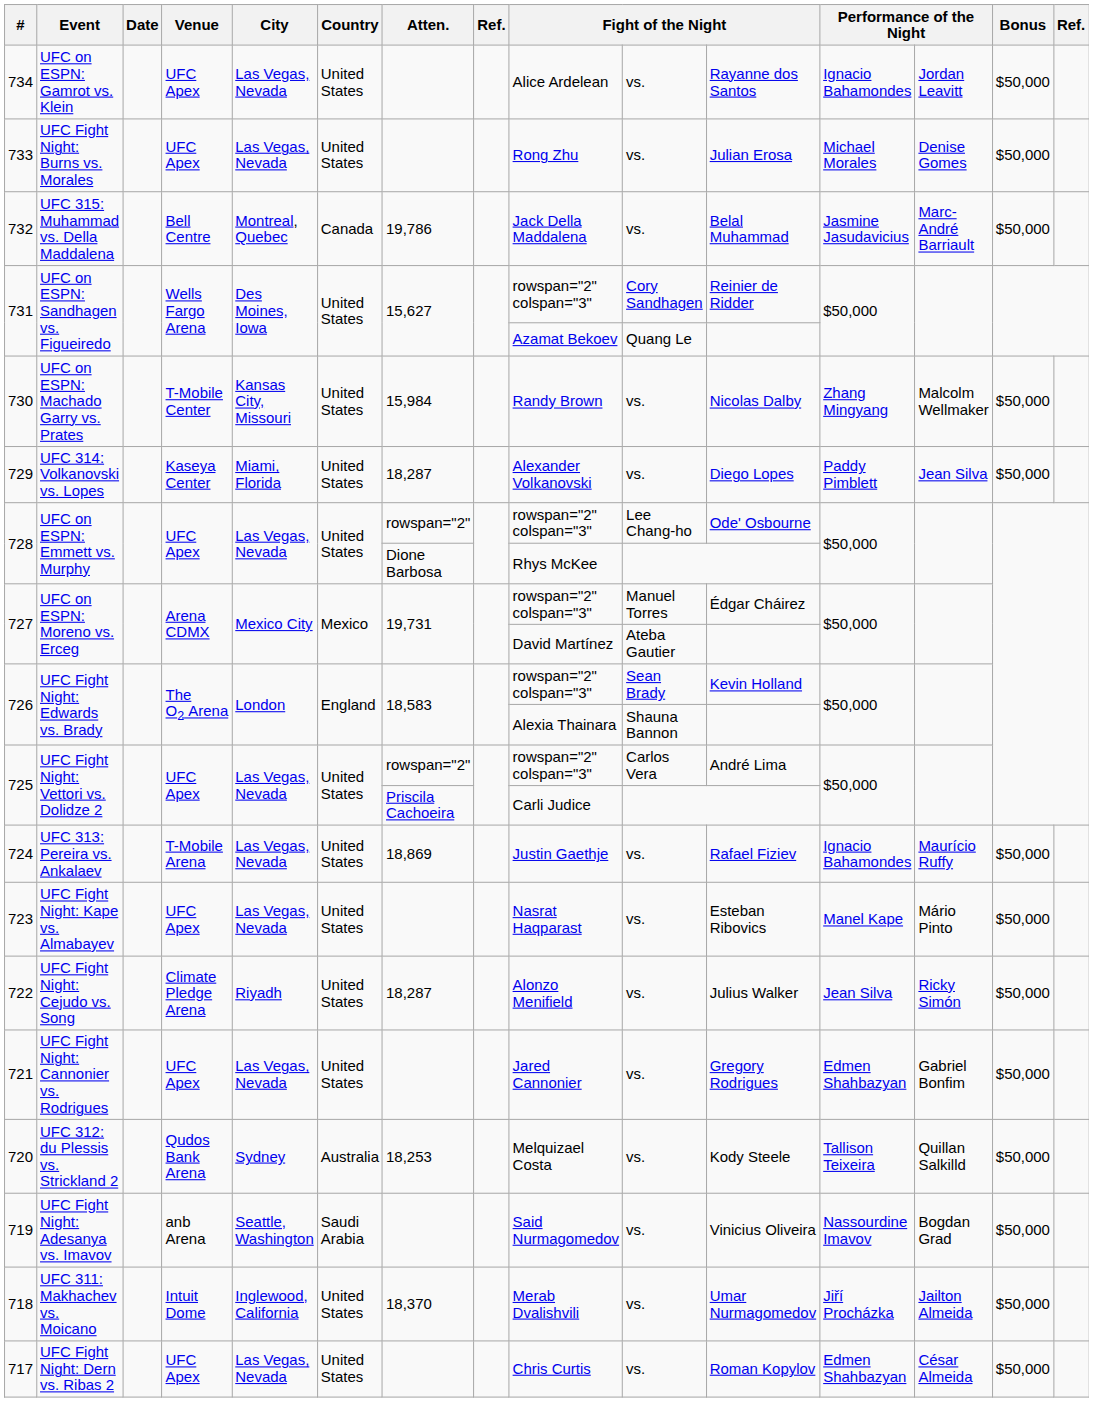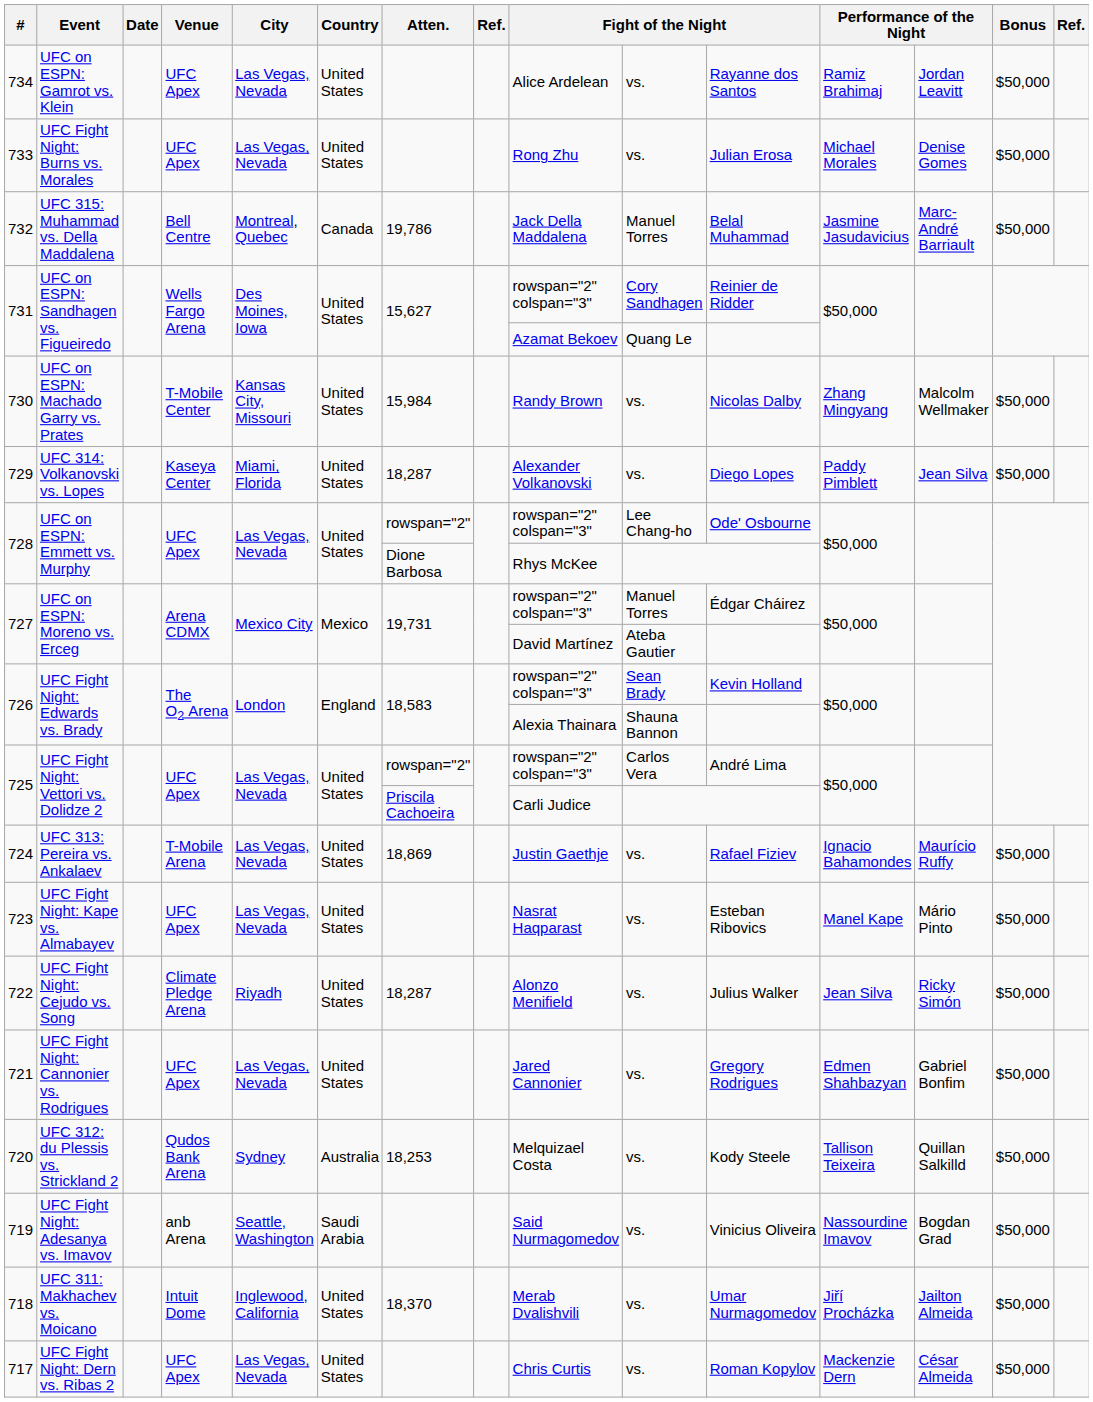 <table class="sortable wikitable succession-box" style="font-size:90%;">
 <tr>
 <th scope="col">#</th>
 <th scope="col">Event</th>
 <th scope="col">Date</th>
 <th scope="col">Venue</th>
 <th scope="col">City</th>
 <th scope="col">Country</th>
 <th scope="col">Atten.</th>
 <th scope="col">Ref.</th>
 <th colspan="3">Fight of the Night</th>
 <th colspan="2">Performance of the Night</th>
 <th scope="col">Bonus</th>
 <th scope="col">Ref.</th>
 </tr>
 <tr>
 <td>734</td>
 <td><a href='#'>UFC on ESPN: Gamrot vs. Klein</a></td>
 <td></td>
 <td><a href='#'>UFC Apex</a></td>
 <td><a href='#'>Las Vegas, Nevada</a></td>
 <td>United States</td>
 <td></td>
 <td></td>
 <td>Alice Ardelean</td>
 <td>vs.</td>
 <td><a href='#'>Rayanne dos Santos</a></td>
-<td><a href='#'>Ignacio Bahamondes</a></td>
+<td><a href='#'>Ramiz Brahimaj</a></td>
 <td><a href='#'>Jordan Leavitt</a></td>
 <td>$50,000</td>
 <td></td>
 </tr>
 <tr>
 <td>733</td>
 <td><a href='#'>UFC Fight Night: Burns vs. Morales</a></td>
 <td></td>
 <td><a href='#'>UFC Apex</a></td>
 <td><a href='#'>Las Vegas, Nevada</a></td>
 <td>United States</td>
 <td></td>
 <td></td>
 <td><a href='#'>Rong Zhu</a></td>
 <td>vs.</td>
 <td><a href='#'>Julian Erosa</a></td>
 <td><a href='#'>Michael Morales</a></td>
 <td><a href='#'>Denise Gomes</a></td>
 <td>$50,000</td>
 <td></td>
 </tr>
 <tr>
 <td>732</td>
 <td><a href='#'>UFC 315: Muhammad vs. Della Maddalena</a></td>
 <td></td>
 <td><a href='#'>Bell Centre</a></td>
 <td><a href='#'>Montreal</a>, <a href='#'>Quebec</a></td>
 <td>Canada</td>
 <td>19,786</td>
 <td></td>
 <td><a href='#'>Jack Della Maddalena</a></td>
-<td>vs.</td>
+<td>Manuel Torres</td>
 <td><a href='#'>Belal Muhammad</a></td>
 <td><a href='#'>Jasmine Jasudavicius</a></td>
 <td><a href='#'>Marc-André Barriault</a></td>
 <td>$50,000</td>
 <td></td>
 </tr>
 <tr>
 <td rowspan="2">731</td>
 <td rowspan="2"><a href='#'>UFC on ESPN: Sandhagen vs. Figueiredo</a></td>
 <td rowspan="2"></td>
 <td rowspan="2"><a href='#'>Wells Fargo Arena</a></td>
 <td rowspan="2"><a href='#'>Des Moines, Iowa</a></td>
 <td rowspan="2">United States</td>
 <td rowspan="2">15,627</td>
 <td rowspan="2"></td>
 <td>rowspan="2" colspan="3" </td>
 <td><a href='#'>Cory Sandhagen</a></td>
 <td><a href='#'>Reinier de Ridder</a></td>
 <td rowspan="2">$50,000</td>
 <td rowspan="2"></td>
 </tr>
 <tr>
 <td><a href='#'>Azamat Bekoev</a></td>
 <td>Quang Le</td>
 </tr>
 <tr>
 <td>730</td>
 <td><a href='#'>UFC on ESPN: Machado Garry vs. Prates</a></td>
 <td></td>
 <td><a href='#'>T-Mobile Center</a></td>
 <td><a href='#'>Kansas City, Missouri</a></td>
 <td>United States</td>
 <td>15,984</td>
 <td></td>
 <td><a href='#'>Randy Brown</a></td>
 <td>vs.</td>
 <td><a href='#'>Nicolas Dalby</a></td>
 <td><a href='#'>Zhang Mingyang</a></td>
 <td>Malcolm Wellmaker</td>
 <td>$50,000</td>
 <td></td>
 </tr>
 <tr>
 <td>729</td>
 <td><a href='#'>UFC 314: Volkanovski vs. Lopes</a></td>
 <td></td>
 <td><a href='#'>Kaseya Center</a></td>
 <td><a href='#'>Miami, Florida</a></td>
 <td>United States</td>
 <td>18,287</td>
 <td></td>
 <td><a href='#'>Alexander Volkanovski</a></td>
 <td>vs.</td>
 <td><a href='#'>Diego Lopes</a></td>
 <td><a href='#'>Paddy Pimblett</a></td>
 <td><a href='#'>Jean Silva</a></td>
 <td>$50,000</td>
 <td></td>
 </tr>
 <tr>
 <td rowspan="2">728</td>
 <td rowspan="2"><a href='#'>UFC on ESPN: Emmett vs. Murphy</a></td>
 <td rowspan="2"></td>
 <td rowspan="2"><a href='#'>UFC Apex</a></td>
 <td rowspan="2"><a href='#'>Las Vegas, Nevada</a></td>
 <td rowspan="2">United States</td>
 <td>rowspan="2" </td>
 <td rowspan="2"></td>
 <td>rowspan="2" colspan="3" </td>
 <td>Lee Chang-ho</td>
 <td><a href='#'>Ode' Osbourne</a></td>
 <td rowspan="2">$50,000</td>
 <td rowspan="2"></td>
 </tr>
 <tr>
 <td>Dione Barbosa</td>
 <td>Rhys McKee</td>
 </tr>
 <tr>
 <td rowspan="2">727</td>
 <td rowspan="2"><a href='#'>UFC on ESPN: Moreno vs. Erceg</a></td>
 <td rowspan="2"></td>
 <td rowspan="2"><a href='#'>Arena CDMX</a></td>
 <td rowspan="2"><a href='#'>Mexico City</a></td>
 <td rowspan="2">Mexico</td>
 <td rowspan="2">19,731</td>
 <td rowspan="2"></td>
 <td>rowspan="2" colspan="3" </td>
 <td>Manuel Torres</td>
 <td>Édgar Cháirez</td>
 <td rowspan="2">$50,000</td>
 <td rowspan="2"></td>
 </tr>
 <tr>
 <td>David Martínez</td>
 <td>Ateba Gautier</td>
 </tr>
 <tr>
 <td rowspan="2">726</td>
 <td rowspan="2"><a href='#'>UFC Fight Night: Edwards vs. Brady</a></td>
 <td rowspan="2"></td>
 <td rowspan="2"><a href='#'>The O<sub>2</sub> Arena</a></td>
 <td rowspan="2"><a href='#'>London</a></td>
 <td rowspan="2">England</td>
 <td rowspan="2">18,583</td>
 <td rowspan="2"></td>
 <td>rowspan="2" colspan="3" </td>
 <td><a href='#'>Sean Brady</a></td>
 <td><a href='#'>Kevin Holland</a></td>
 <td rowspan="2">$50,000</td>
 <td rowspan="2"></td>
 </tr>
 <tr>
 <td>Alexia Thainara</td>
 <td>Shauna Bannon</td>
 </tr>
 <tr>
 <td rowspan="2">725</td>
 <td rowspan="2"><a href='#'>UFC Fight Night: Vettori vs. Dolidze 2</a></td>
 <td rowspan="2"></td>
 <td rowspan="2"><a href='#'>UFC Apex</a></td>
 <td rowspan="2"><a href='#'>Las Vegas, Nevada</a></td>
 <td rowspan="2">United States</td>
 <td>rowspan="2" </td>
 <td rowspan="2"></td>
 <td>rowspan="2" colspan="3" </td>
 <td>Carlos Vera</td>
 <td>André Lima</td>
 <td rowspan="2">$50,000</td>
 <td rowspan="2"></td>
 </tr>
 <tr>
 <td><a href='#'>Priscila Cachoeira</a></td>
 <td>Carli Judice</td>
 </tr>
 <tr>
 <td>724</td>
 <td><a href='#'>UFC 313: Pereira vs. Ankalaev</a></td>
 <td></td>
 <td><a href='#'>T-Mobile Arena</a></td>
 <td><a href='#'>Las Vegas, Nevada</a></td>
 <td>United States</td>
 <td>18,869</td>
 <td></td>
 <td><a href='#'>Justin Gaethje</a></td>
 <td>vs.</td>
 <td><a href='#'>Rafael Fiziev</a></td>
 <td><a href='#'>Ignacio Bahamondes</a></td>
 <td><a href='#'>Maurício Ruffy</a></td>
 <td>$50,000</td>
 <td></td>
 </tr>
 <tr>
 <td>723</td>
 <td><a href='#'>UFC Fight Night: Kape vs. Almabayev</a></td>
 <td></td>
 <td><a href='#'>UFC Apex</a></td>
 <td><a href='#'>Las Vegas, Nevada</a></td>
 <td>United States</td>
 <td></td>
 <td></td>
 <td><a href='#'>Nasrat Haqparast</a></td>
 <td>vs.</td>
 <td>Esteban Ribovics</td>
 <td><a href='#'>Manel Kape</a></td>
 <td>Mário Pinto</td>
 <td>$50,000</td>
 <td></td>
 </tr>
 <tr>
 <td>722</td>
 <td><a href='#'>UFC Fight Night: Cejudo vs. Song</a></td>
 <td></td>
 <td><a href='#'>Climate Pledge Arena</a></td>
 <td><a href='#'>Riyadh</a></td>
 <td>United States</td>
 <td>18,287</td>
 <td></td>
 <td><a href='#'>Alonzo Menifield</a></td>
 <td>vs.</td>
 <td>Julius Walker</td>
 <td><a href='#'>Jean Silva</a></td>
 <td><a href='#'>Ricky Simón</a></td>
 <td>$50,000</td>
 <td></td>
 </tr>
 <tr>
 <td>721</td>
 <td><a href='#'>UFC Fight Night: Cannonier vs. Rodrigues</a></td>
 <td></td>
 <td><a href='#'>UFC Apex</a></td>
 <td><a href='#'>Las Vegas, Nevada</a></td>
 <td>United States</td>
 <td></td>
 <td></td>
 <td><a href='#'>Jared Cannonier</a></td>
 <td>vs.</td>
 <td><a href='#'>Gregory Rodrigues</a></td>
 <td><a href='#'>Edmen Shahbazyan</a></td>
 <td>Gabriel Bonfim</td>
 <td>$50,000</td>
 <td></td>
 </tr>
 <tr>
 <td>720</td>
 <td><a href='#'>UFC 312: du Plessis vs. Strickland 2</a></td>
 <td></td>
 <td><a href='#'>Qudos Bank Arena</a></td>
 <td><a href='#'>Sydney</a></td>
 <td>Australia</td>
 <td>18,253</td>
 <td></td>
 <td>Melquizael Costa</td>
 <td>vs.</td>
 <td>Kody Steele</td>
 <td><a href='#'>Tallison Teixeira</a></td>
 <td>Quillan Salkilld</td>
 <td>$50,000</td>
 <td></td>
 </tr>
 <tr>
 <td>719</td>
 <td><a href='#'>UFC Fight Night: Adesanya vs. Imavov</a></td>
 <td></td>
 <td>anb Arena</td>
 <td><a href='#'>Seattle, Washington</a></td>
 <td>Saudi Arabia</td>
 <td></td>
 <td></td>
 <td><a href='#'>Said Nurmagomedov</a></td>
 <td>vs.</td>
 <td>Vinicius Oliveira</td>
 <td><a href='#'>Nassourdine Imavov</a></td>
 <td>Bogdan Grad</td>
 <td>$50,000</td>
 <td></td>
 </tr>
 <tr>
 <td>718</td>
 <td><a href='#'>UFC 311: Makhachev vs. Moicano</a></td>
 <td></td>
 <td><a href='#'>Intuit Dome</a></td>
 <td><a href='#'>Inglewood, California</a></td>
 <td>United States</td>
 <td>18,370</td>
 <td></td>
 <td><a href='#'>Merab Dvalishvili</a></td>
 <td>vs.</td>
 <td><a href='#'>Umar Nurmagomedov</a></td>
 <td><a href='#'>Jiří Procházka</a></td>
 <td><a href='#'>Jailton Almeida</a></td>
 <td>$50,000</td>
 <td></td>
 </tr>
 <tr>
 <td>717</td>
 <td><a href='#'>UFC Fight Night: Dern vs. Ribas 2</a></td>
 <td></td>
 <td><a href='#'>UFC Apex</a></td>
 <td><a href='#'>Las Vegas, Nevada</a></td>
 <td>United States</td>
 <td></td>
 <td></td>
 <td><a href='#'>Chris Curtis</a></td>
 <td>vs.</td>
 <td><a href='#'>Roman Kopylov</a></td>
-<td><a href='#'>Edmen Shahbazyan</a></td>
+<td><a href='#'>Mackenzie Dern</a></td>
 <td><a href='#'>César Almeida</a></td>
 <td>$50,000</td>
 <td></td>
 </tr>
 </table>
